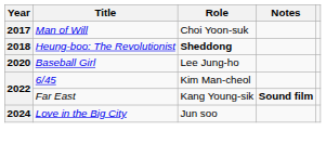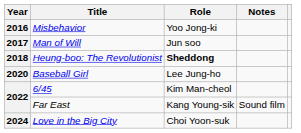 <table class="wikitable plainrowheaders">
 <tr>
 <th scope="col">Year</th>
 <th scope="col">Title</th>
 <th scope="col">Role</th>
 <th scope="col">Notes</th>
 <th scope="col" class="unsortable"></th>
 </tr>
 <tr>
+<th scope="row">2016</th>
+<td><em><a href='#'>Misbehavior</a></em></td>
+<td>Yoo Jong-ki</td>
+<td></td>
+<td style="text-align:center"></td>
+</tr>
+<tr>
 <th scope="row">2017</th>
 <td><em><a href='#'>Man of Will</a></em></td>
-<td>Choi Yoon-suk</td>
+<td>Jun soo</td>
 <td></td>
 <td style="text-align:center"></td>
 </tr>
 <tr>
 <th scope="row">2018</th>
 <td><em><a href='#'>Heung-boo: The Revolutionist</a></em></td>
 <td><strong>Sheddong</strong></td>
 <td></td>
 <td style="text-align:center"></td>
 </tr>
 <tr>
 <th scope="row">2020</th>
 <td><em><a href='#'>Baseball Girl</a></em></td>
 <td>Lee Jung-ho</td>
 <td></td>
 <td style="text-align:center"></td>
 </tr>
 <tr>
 <th scope="row" rowspan="2">2022</th>
 <td><em><a href='#'>6/45</a></em></td>
 <td>Kim Man-cheol</td>
 <td></td>
 <td style="text-align:center"></td>
 </tr>
 <tr>
 <td><em>Far East</em></td>
 <td>Kang Young-sik</td>
-<td><strong>Sound film</strong></td>
+<td>Sound film</td>
 <td style="text-align:center"></td>
 </tr>
 <tr>
 <th scope="row">2024</th>
 <td><em><a href='#'>Love in the Big City</a></em></td>
-<td>Jun soo</td>
+<td>Choi Yoon-suk</td>
 <td></td>
 <td style="text-align:center"></td>
 </tr>
 </table>
